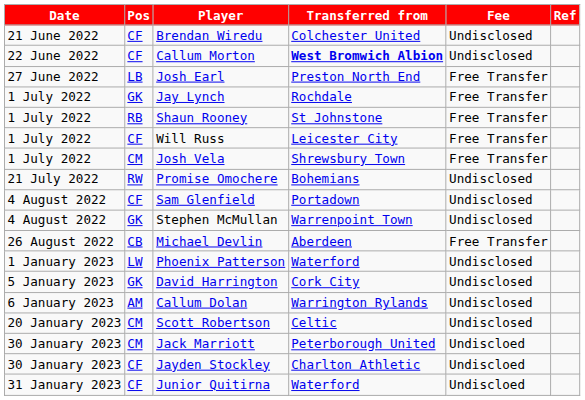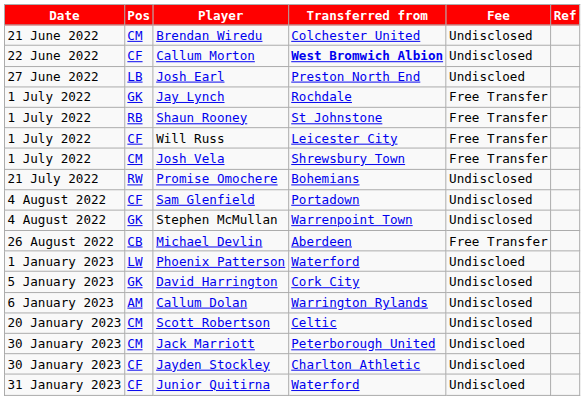 <table class="wikitable plainrowheaders sortable">
 <tr>
 <th style="background:#FF0000; color:#ffffff; ">Date</th>
 <th style="background:#FF0000; color:#ffffff; ">Pos</th>
 <th style="background:#FF0000; color:#ffffff; ">Player</th>
 <th style="background:#FF0000; color:#ffffff; ">Transferred from</th>
 <th style="background:#FF0000; color:#ffffff; ">Fee</th>
 <th style="background:#FF0000; color:#ffffff; ">Ref</th>
 </tr>
 <tr>
 <td>21 June 2022</td>
-<td><a href='#'>CF</a></td>
+<td><a href='#'>CM</a></td>
 <td> <a href='#'>Brendan Wiredu</a></td>
 <td> <a href='#'>Colchester United</a></td>
 <td>Undisclosed</td>
 <td></td>
 </tr>
 <tr>
 <td>22 June 2022</td>
 <td><a href='#'>CF</a></td>
 <td> <a href='#'>Callum Morton</a></td>
 <td><strong> <a href='#'>West Bromwich Albion</a></strong></td>
 <td>Undisclosed</td>
 <td></td>
 </tr>
 <tr>
 <td>27 June 2022</td>
 <td><a href='#'>LB</a></td>
 <td> <a href='#'>Josh Earl</a></td>
 <td> <a href='#'>Preston North End</a></td>
-<td>Free Transfer</td>
+<td>Undiscloed</td>
 <td></td>
 </tr>
 <tr>
 <td>1 July 2022</td>
 <td><a href='#'>GK</a></td>
 <td> <a href='#'>Jay Lynch</a></td>
 <td> <a href='#'>Rochdale</a></td>
 <td>Free Transfer</td>
 <td></td>
 </tr>
 <tr>
 <td>1 July 2022</td>
 <td><a href='#'>RB</a></td>
 <td> <a href='#'>Shaun Rooney</a></td>
 <td> <a href='#'>St Johnstone</a></td>
 <td>Free Transfer</td>
 <td></td>
 </tr>
 <tr>
 <td>1 July 2022</td>
 <td><a href='#'>CF</a></td>
 <td> Will Russ</td>
 <td> <a href='#'>Leicester City</a></td>
 <td>Free Transfer</td>
 <td></td>
 </tr>
 <tr>
 <td>1 July 2022</td>
 <td><a href='#'>CM</a></td>
 <td> <a href='#'>Josh Vela</a></td>
 <td> <a href='#'>Shrewsbury Town</a></td>
 <td>Free Transfer</td>
 <td></td>
 </tr>
 <tr>
 <td>21 July 2022</td>
 <td><a href='#'>RW</a></td>
 <td> <a href='#'>Promise Omochere</a></td>
 <td> <a href='#'>Bohemians</a></td>
 <td>Undisclosed</td>
 <td></td>
 </tr>
 <tr>
 <td>4 August 2022</td>
 <td><a href='#'>CF</a></td>
 <td> <a href='#'>Sam Glenfield</a></td>
 <td> <a href='#'>Portadown</a></td>
 <td>Undisclosed</td>
 <td></td>
 </tr>
 <tr>
 <td>4 August 2022</td>
 <td><a href='#'>GK</a></td>
 <td> Stephen McMullan</td>
 <td> <a href='#'>Warrenpoint Town</a></td>
 <td>Undisclosed</td>
 <td></td>
 </tr>
 <tr>
 <td>26 August 2022</td>
 <td><a href='#'>CB</a></td>
 <td> <a href='#'>Michael Devlin</a></td>
 <td> <a href='#'>Aberdeen</a></td>
 <td>Free Transfer</td>
 <td></td>
 </tr>
 <tr>
 <td>1 January 2023</td>
 <td><a href='#'>LW</a></td>
 <td> <a href='#'>Phoenix Patterson</a></td>
 <td> <a href='#'>Waterford</a></td>
-<td>Undisclosed</td>
+<td>Undiscloed</td>
 <td></td>
 </tr>
 <tr>
 <td>5 January 2023</td>
 <td><a href='#'>GK</a></td>
 <td> <a href='#'>David Harrington</a></td>
 <td> <a href='#'>Cork City</a></td>
 <td>Undisclosed</td>
 <td></td>
 </tr>
 <tr>
 <td>6 January 2023</td>
 <td><a href='#'>AM</a></td>
 <td> <a href='#'>Callum Dolan</a></td>
 <td> <a href='#'>Warrington Rylands</a></td>
 <td>Undisclosed</td>
 <td></td>
 </tr>
 <tr>
 <td>20 January 2023</td>
 <td><a href='#'>CM</a></td>
 <td> <a href='#'>Scott Robertson</a></td>
 <td> <a href='#'>Celtic</a></td>
 <td>Undisclosed</td>
 <td></td>
 </tr>
 <tr>
 <td>30 January 2023</td>
 <td><a href='#'>CM</a></td>
 <td> <a href='#'>Jack Marriott</a></td>
 <td> <a href='#'>Peterborough United</a></td>
 <td>Undiscloed</td>
 <td></td>
 </tr>
 <tr>
 <td>30 January 2023</td>
 <td><a href='#'>CF</a></td>
 <td> <a href='#'>Jayden Stockley</a></td>
 <td> <a href='#'>Charlton Athletic</a></td>
 <td>Undiscloed</td>
 <td></td>
 </tr>
 <tr>
 <td>31 January 2023</td>
 <td><a href='#'>CF</a></td>
 <td> <a href='#'>Junior Quitirna</a></td>
 <td> <a href='#'>Waterford</a></td>
 <td>Undiscloed</td>
 <td></td>
 </tr>
 </table>
